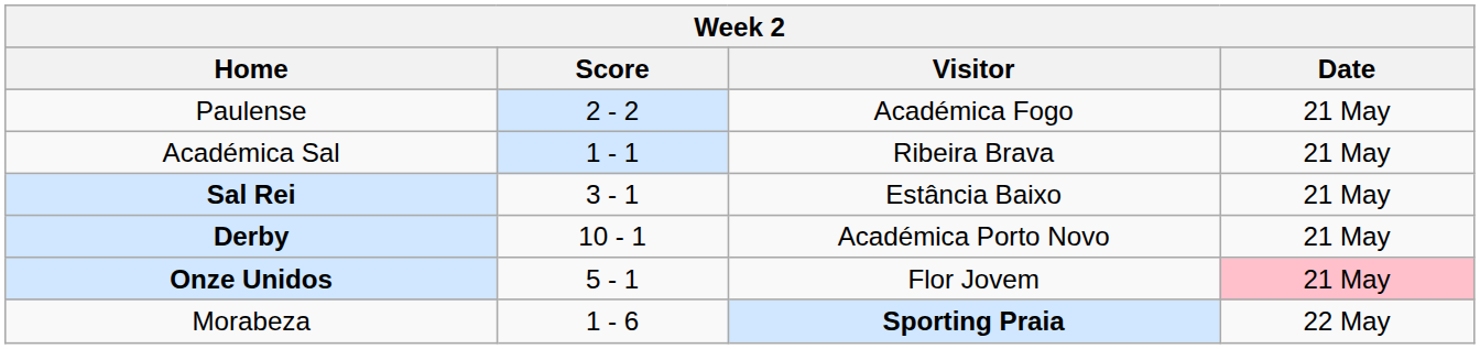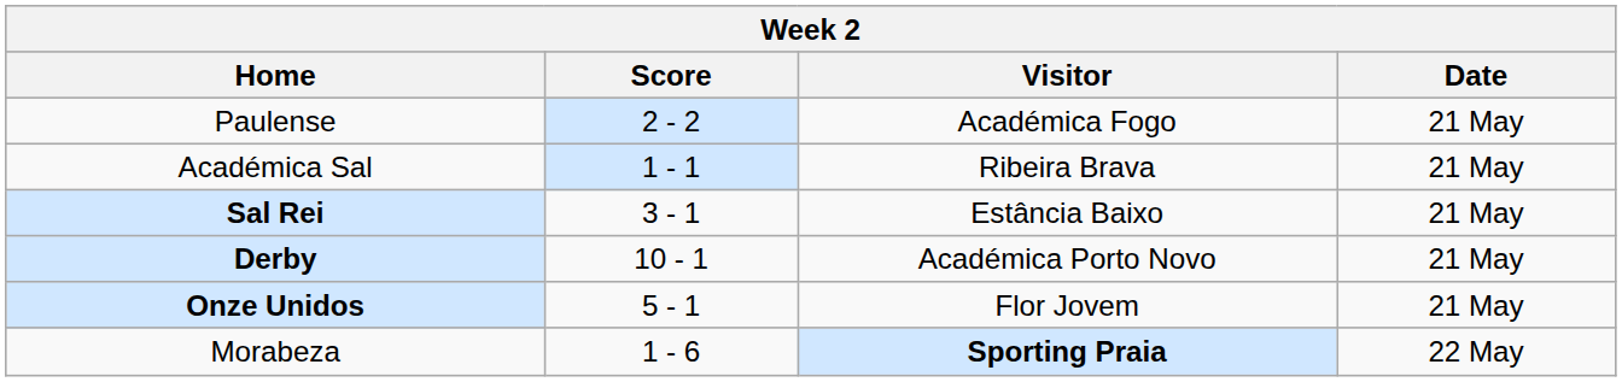 <table class="wikitable" style="font-size:95%; text-align: center; width: 95%;">
 <tr>
 <th colspan="12" style="with: 100%;" align=center>Week 2</th>
 </tr>
 <tr>
 <th width="200">Home</th>
 <th width="90">Score</th>
 <th width="200">Visitor</th>
 <th width="100">Date</th>
 </tr>
 <tr align=center>
 <td>Paulense</td>
 <td bgcolor=#D0E7FF>2 - 2</td>
 <td>Académica Fogo</td>
 <td>21 May</td>
 </tr>
 <tr align=center>
 <td>Académica Sal</td>
 <td bgcolor=#D0E7FF>1 - 1</td>
 <td>Ribeira Brava</td>
 <td>21 May</td>
 </tr>
 <tr align=center>
 <td bgcolor=#D0E7FF><strong>Sal Rei</strong></td>
 <td>3 - 1</td>
 <td>Estância Baixo</td>
 <td>21 May</td>
 </tr>
 <tr align=center>
 <td bgcolor=#D0E7FF><strong>Derby</strong></td>
 <td>10 - 1</td>
 <td>Académica Porto Novo</td>
 <td>21 May</td>
 </tr>
 <tr align=center>
 <td bgcolor=#D0E7FF><strong>Onze Unidos</strong></td>
 <td>5 - 1</td>
 <td>Flor Jovem</td>
-<td style="background: pink;">21 May</td>
+<td>21 May</td>
 </tr>
 <tr align=center>
 <td>Morabeza</td>
 <td>1 - 6</td>
 <td bgcolor=#D0E7FF><strong>Sporting Praia</strong></td>
 <td>22 May</td>
 </tr>
 </table>
